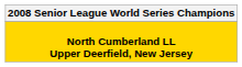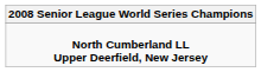 <table class="wikitable" style="text-align: center; margin: 0 auto;">
 <tr>
 <th>2008 Senior League World Series Champions</th>
 </tr>
 <tr>
 </tr>
 <tr>
-<td style="background: gold;"><br><strong>North Cumberland LL</strong><br> <strong>Upper Deerfield, New Jersey</strong></td>
+<td><br><strong>North Cumberland LL</strong><br> <strong>Upper Deerfield, New Jersey</strong></td>
 </tr>
 </table>
